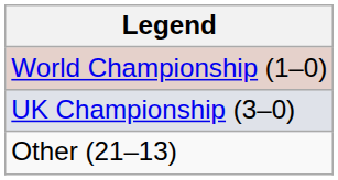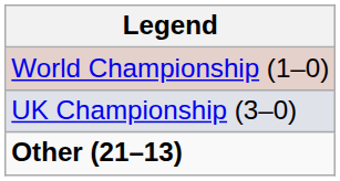 <table class="wikitable">
 <tr>
 <th>Legend</th>
 </tr>
 <tr style="background:#e5d1cb;">
 <td><a href='#'>World Championship</a> (1–0)</td>
 </tr>
 <tr style="background:#dfe2e9;">
 <td><a href='#'>UK Championship</a> (3–0)</td>
 </tr>
 <tr bgcolor=>
-<td>Other (21–13)</td>
+<td><strong>Other (21–13)</strong></td>
 </tr>
 </table>
